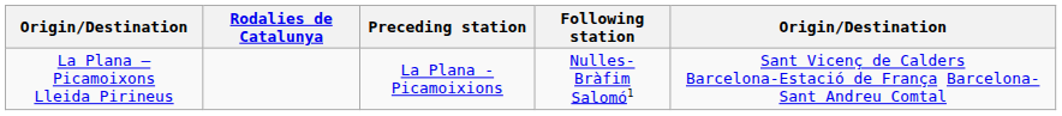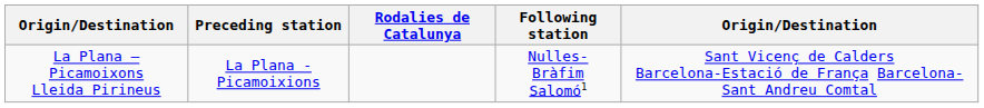 <table class="wikitable" style="margin:0 auto; text-align:center;">
 <tr>
 <th>Origin/Destination</th>
+<th>Preceding station</th>
 <th><a href='#'>Rodalies de Catalunya</a></th>
-<th>Preceding station</th>
 <th>Following station</th>
 <th>Origin/Destination</th>
 </tr>
 <tr>
 <td><a href='#'>La Plana – Picamoixons</a><br><a href='#'>Lleida Pirineus</a></td>
+<td><a href='#'>La Plana -Picamoixions</a></td>
 <td></td>
-<td><a href='#'>La Plana -Picamoixions</a></td>
 <td><a href='#'>Nulles- Bràfim</a><br><a href='#'>Salomó</a><small><sup>1</sup></small></td>
 <td><a href='#'>Sant Vicenç de Calders</a><br><a href='#'>Barcelona-Estació de França</a> <a href='#'>Barcelona-Sant Andreu Comtal</a></td>
 </tr>
 </table>
